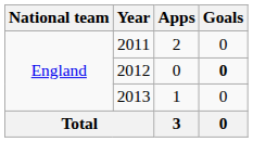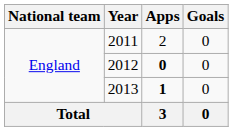 <table class=wikitable style=text-align:center>
 <tr>
 <th>National team</th>
 <th>Year</th>
 <th>Apps</th>
 <th>Goals</th>
 </tr>
 <tr>
 <td rowspan="3"><a href='#'>England</a></td>
 <td>2011</td>
 <td>2</td>
 <td>0</td>
 </tr>
 <tr>
 <td>2012</td>
+<td><strong>0</strong></td>
 <td>0</td>
-<td><strong>0</strong></td>
 </tr>
 <tr>
 <td>2013</td>
-<td>1</td>
+<td><strong>1</strong></td>
 <td>0</td>
 </tr>
 <tr>
 <th colspan=2>Total</th>
 <th>3</th>
 <th>0</th>
 </tr>
 </table>
